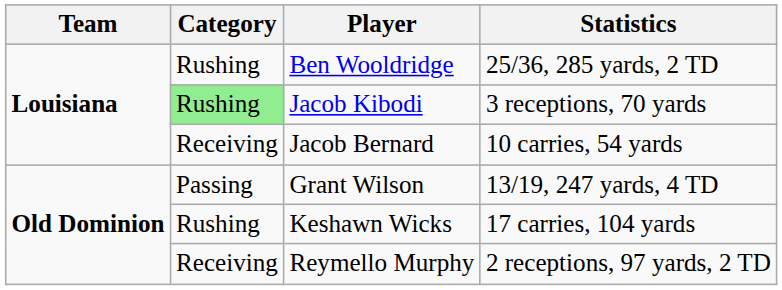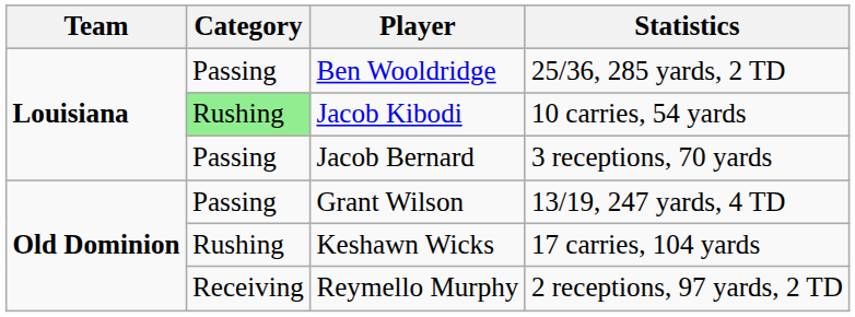 <table class="wikitable" style="float: right;">
 <tr>
 <th>Team</th>
 <th>Category</th>
 <th>Player</th>
 <th>Statistics</th>
 </tr>
 <tr>
 <td rowspan=3><strong>Louisiana</strong></td>
-<td>Rushing</td>
+<td>Passing</td>
 <td><a href='#'>Ben Wooldridge</a></td>
 <td>25/36, 285 yards, 2 TD</td>
 </tr>
 <tr>
 <td style="background: lightgreen;">Rushing</td>
 <td><a href='#'>Jacob Kibodi</a></td>
-<td>3 receptions, 70 yards</td>
+<td>10 carries, 54 yards</td>
 </tr>
 <tr>
-<td>Receiving</td>
+<td>Passing</td>
 <td>Jacob Bernard</td>
-<td>10 carries, 54 yards</td>
+<td>3 receptions, 70 yards</td>
 </tr>
 <tr>
 <td rowspan=3><strong>Old Dominion</strong></td>
 <td>Passing</td>
 <td>Grant Wilson</td>
 <td>13/19, 247 yards, 4 TD</td>
 </tr>
 <tr>
 <td>Rushing</td>
 <td>Keshawn Wicks</td>
 <td>17 carries, 104 yards</td>
 </tr>
 <tr>
 <td>Receiving</td>
 <td>Reymello Murphy</td>
 <td>2 receptions, 97 yards, 2 TD</td>
 </tr>
 </table>
